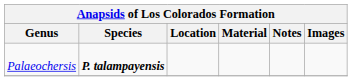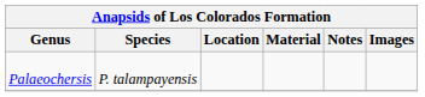 <table class="wikitable" align="center">
 <tr>
 <th colspan="7" align="center"><strong><a href='#'>Anapsids</a> of Los Colorados Formation</strong></th>
 </tr>
 <tr>
 <th>Genus</th>
 <th>Species</th>
 <th>Location</th>
 <th>Material</th>
 <th>Notes</th>
 <th>Images</th>
 </tr>
 <tr>
 <td><br><em><a href='#'>Palaeochersis</a></em></td>
-<td><strong><br><em>P. talampayensis</em></strong></td>
+<td><br><em>P. talampayensis</em></td>
 <td></td>
 <td></td>
 <td align=center></td>
 <td></td>
 </tr>
 <tr>
 </tr>
 </table>
